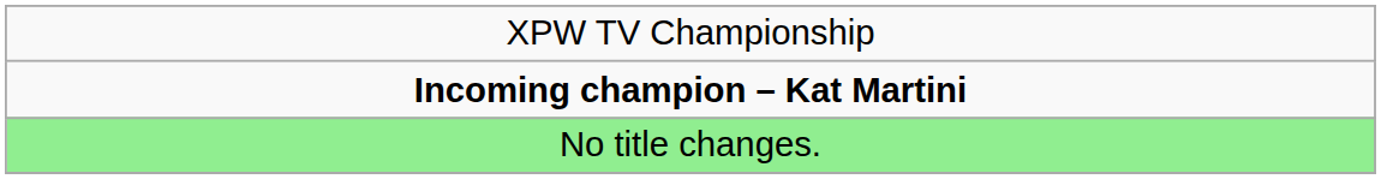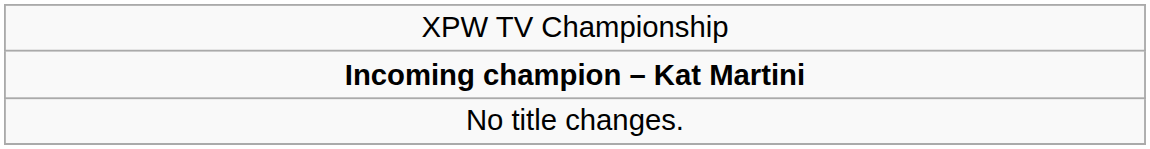 <table class="wikitable" style="text-align:center; width:100%;">
 <tr>
 <td colspan="4" style="text-align: center;">XPW TV Championship</td>
 </tr>
 <tr>
 <td colspan="4" style="text-align: center;"><strong>Incoming champion – Kat Martini</strong></td>
 </tr>
 <tr>
-<td style="background: lightgreen;">No title changes.</td>
+<td>No title changes.</td>
 </tr>
 <tr>
 </tr>
 </table>
